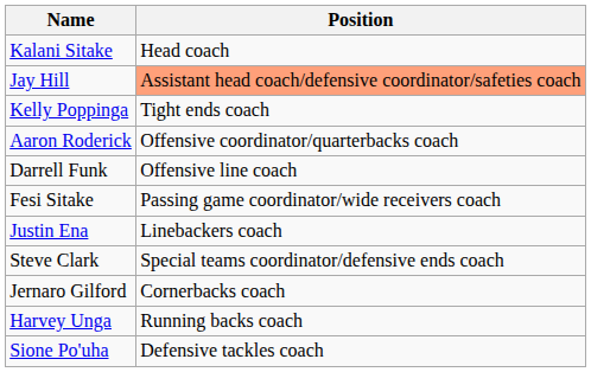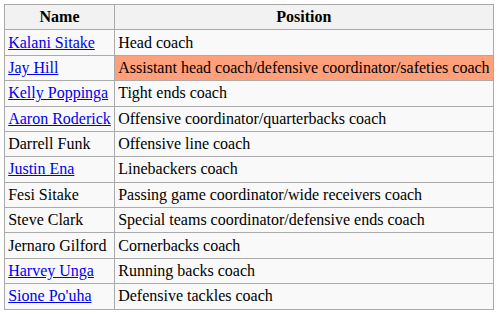 <table class="wikitable">
 <tr>
 <th>Name</th>
 <th>Position</th>
 </tr>
 <tr>
 <td><a href='#'>Kalani Sitake</a></td>
 <td>Head coach</td>
 </tr>
 <tr>
 <td><a href='#'>Jay Hill</a></td>
 <td style="background: lightsalmon;">Assistant head coach/defensive coordinator/safeties coach</td>
 </tr>
 <tr>
 <td><a href='#'>Kelly Poppinga</a></td>
 <td>Tight ends coach</td>
 </tr>
 <tr>
 <td><a href='#'>Aaron Roderick</a></td>
 <td>Offensive coordinator/quarterbacks coach</td>
 </tr>
 <tr>
 <td>Darrell Funk</td>
 <td>Offensive line coach</td>
 </tr>
 <tr>
+<td><a href='#'>Justin Ena</a></td>
+<td>Linebackers coach</td>
+</tr>
+<tr>
 <td>Fesi Sitake</td>
 <td>Passing game coordinator/wide receivers coach</td>
-</tr>
-<tr>
-<td><a href='#'>Justin Ena</a></td>
-<td>Linebackers coach</td>
 </tr>
 <tr>
 <td>Steve Clark</td>
 <td>Special teams coordinator/defensive ends coach</td>
 </tr>
 <tr>
 <td>Jernaro Gilford</td>
 <td>Cornerbacks coach</td>
 </tr>
 <tr>
 <td><a href='#'>Harvey Unga</a></td>
 <td>Running backs coach</td>
 </tr>
 <tr>
 <td><a href='#'>Sione Po'uha</a></td>
 <td>Defensive tackles coach</td>
 </tr>
 </table>
